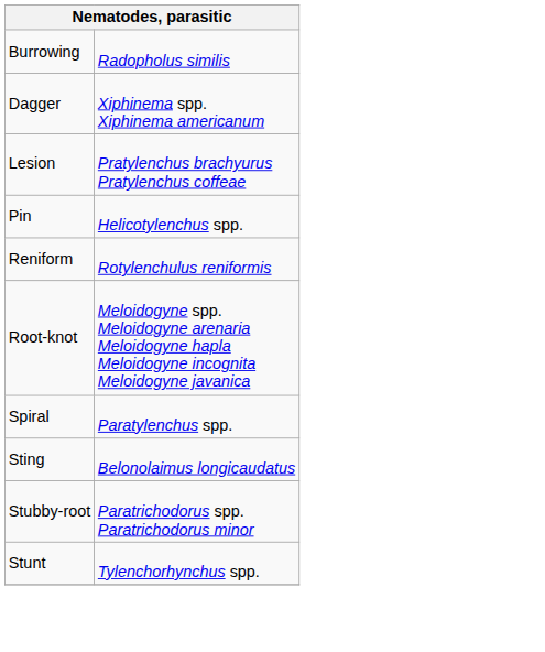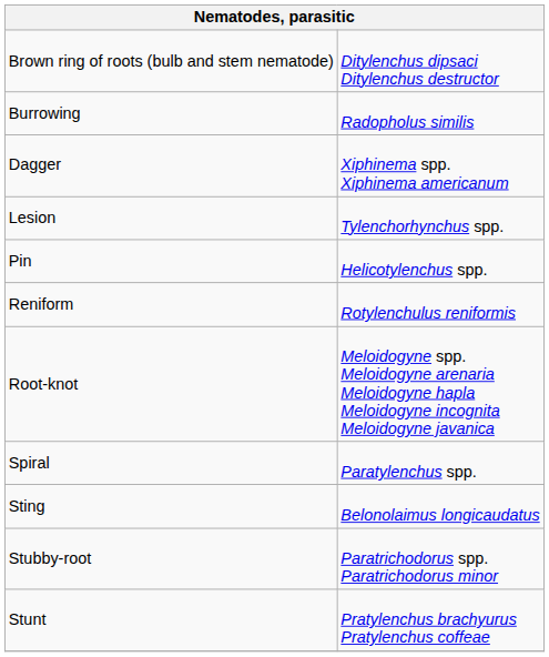 <table class="wikitable">
 <tr>
 <th colspan=2>Nematodes, parasitic</th>
+</tr>
+<tr>
+<td>Brown ring of roots (bulb and stem nematode)</td>
+<td><br><em><a href='#'>Ditylenchus dipsaci</a></em><br> <em><a href='#'>Ditylenchus destructor</a></em></td>
 </tr>
 <tr>
 <td>Burrowing</td>
 <td><br><em><a href='#'>Radopholus similis</a></em></td>
 </tr>
 <tr>
 <td>Dagger</td>
 <td><br><em><a href='#'>Xiphinema</a></em> spp. <br> <em><a href='#'>Xiphinema americanum</a></em></td>
 </tr>
 <tr>
 <td>Lesion</td>
-<td><br><em><a href='#'>Pratylenchus brachyurus</a></em><br> <em><a href='#'>Pratylenchus coffeae</a></em></td>
+<td><br><em><a href='#'>Tylenchorhynchus</a></em> spp.</td>
 </tr>
 <tr>
 <td>Pin</td>
 <td><br><em><a href='#'>Helicotylenchus</a></em> spp.</td>
 </tr>
 <tr>
 <td>Reniform</td>
 <td><br><em><a href='#'>Rotylenchulus reniformis</a></em></td>
 </tr>
 <tr>
 <td>Root-knot</td>
 <td><br><em><a href='#'>Meloidogyne</a></em> spp. <br> <em><a href='#'>Meloidogyne arenaria</a></em><br> <em><a href='#'>Meloidogyne hapla</a></em><br> <em><a href='#'>Meloidogyne incognita</a></em><br> <em><a href='#'>Meloidogyne javanica</a></em></td>
 </tr>
 <tr>
 <td>Spiral</td>
 <td><br><em><a href='#'>Paratylenchus</a></em> spp.</td>
 </tr>
 <tr>
 <td>Sting</td>
 <td><br><em><a href='#'>Belonolaimus longicaudatus</a></em></td>
 </tr>
 <tr>
 <td>Stubby-root</td>
 <td><br><em><a href='#'>Paratrichodorus</a></em> spp. <br> <em><a href='#'>Paratrichodorus minor</a></em></td>
 </tr>
 <tr>
 <td>Stunt</td>
-<td><br><em><a href='#'>Tylenchorhynchus</a></em> spp.</td>
+<td><br><em><a href='#'>Pratylenchus brachyurus</a></em><br> <em><a href='#'>Pratylenchus coffeae</a></em></td>
 </tr>
 <tr>
 </tr>
 </table>
